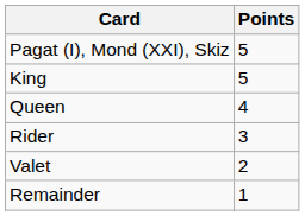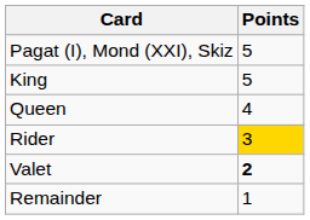 <table class="wikitable">
 <tr>
 <th>Card</th>
 <th>Points</th>
 </tr>
 <tr>
 <td>Pagat (I), Mond (XXI), Skiz</td>
 <td>5</td>
 </tr>
 <tr>
 <td>King</td>
 <td>5</td>
 </tr>
 <tr>
 <td>Queen</td>
 <td>4</td>
 </tr>
 <tr>
 <td>Rider</td>
-<td>3</td>
+<td style="background: gold;">3</td>
 </tr>
 <tr>
 <td>Valet</td>
-<td>2</td>
+<td><strong>2</strong></td>
 </tr>
 <tr>
 <td>Remainder</td>
 <td>1</td>
 </tr>
 </table>
